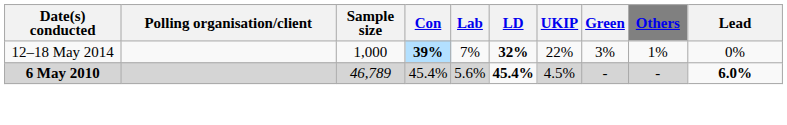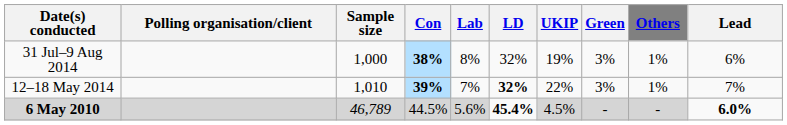 <table class="wikitable sortable" style="text-align:center;font-size:90%;line-height:14px">
 <tr>
 <th ! style="width:105px;">Date(s)<br>conducted</th>
 <th style="width:200px;">Polling organisation/client</th>
 <th class="unsortable" style="width:60px;">Sample size</th>
 <th class="unsortable" style="background:"><a href='#'><span>Con</span></a></th>
 <th class="unsortable" style="background:"><a href='#'><span>Lab</span></a></th>
 <th class="unsortable" style="background:"><a href='#'><span>LD</span></a></th>
 <th class="unsortable" style="background:"><a href='#'><span>UKIP</span></a></th>
 <th class="unsortable" style="background:"><a href='#'><span>Green</span></a></th>
 <th class="unsortable" style="background:gray; width:50px;"><a href='#'><span>Others</span></a></th>
 <th class="unsortable" style="width:85px;">Lead</th>
 </tr>
 <tr>
+<td>31 Jul–9 Aug 2014</td>
+<td></td>
+<td>1,000</td>
+<td style="background:#B3E0FF"><strong>38%</strong></td>
+<td>8%</td>
+<td>32%</td>
+<td>19%</td>
+<td>3%</td>
+<td>1%</td>
+<td style="background:">6%</td>
+</tr>
+<tr>
 <td>12–18 May 2014</td>
 <td></td>
-<td>1,000</td>
+<td>1,010</td>
 <td style="background:#B3E0FF"><strong>39%</strong></td>
 <td>7%</td>
 <td><strong>32%</strong></td>
 <td>22%</td>
 <td>3%</td>
 <td>1%</td>
-<td style="background:">0%</td>
+<td style="background:">7%</td>
 </tr>
 <tr>
 <td style="background:#D5D5D5"><strong>6 May 2010</strong></td>
 <td style="background:#D5D5D5"></td>
 <td style="background:#D5D5D5"><em>46,789</em></td>
-<td style="background:#D5D5D5">45.4%</td>
+<td style="background:#D5D5D5">44.5%</td>
 <td style="background:#D5D5D5">5.6%</td>
 <td style="background:"><strong>45.4%</strong></td>
 <td style="background:#D5D5D5">4.5%</td>
 <td style="background:#D5D5D5">-</td>
 <td style="background:#D5D5D5">-</td>
 <td style="background:"><strong>6.0% </strong></td>
 </tr>
 </table>
